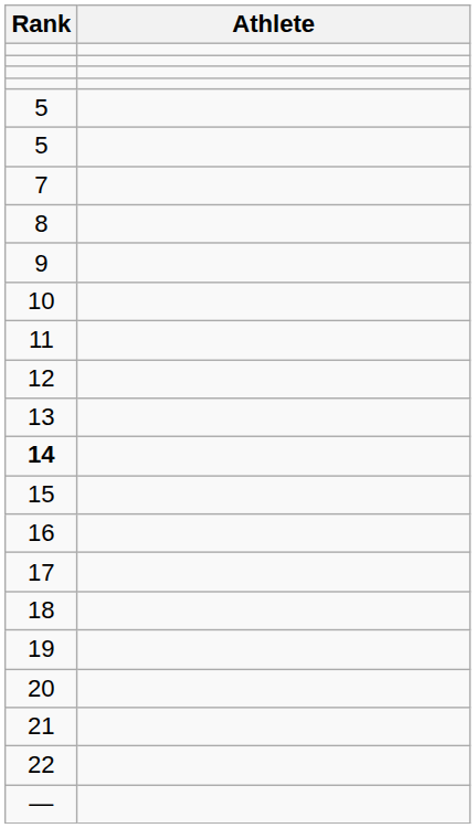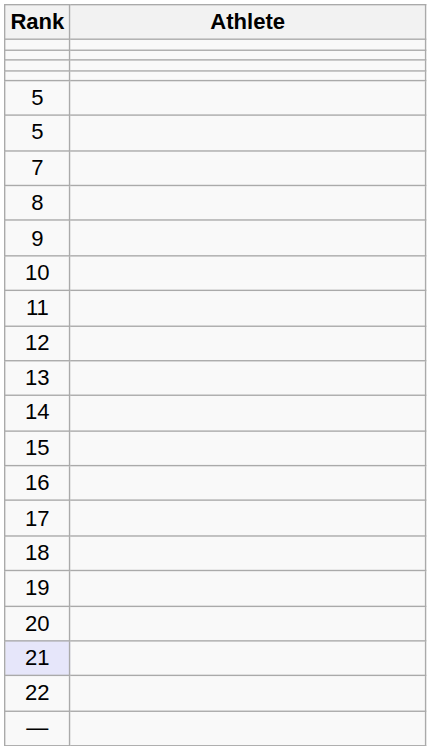 <table class="wikitable" style="text-align: center;">
 <tr>
 <th width=40>Rank</th>
 <th width=250>Athlete</th>
 </tr>
 <tr>
 <td></td>
 <td align="left"></td>
 </tr>
 <tr>
 <td></td>
 <td align="left"></td>
 </tr>
 <tr>
 <td></td>
 <td align="left"></td>
 </tr>
 <tr>
 <td></td>
 <td align="left"></td>
 </tr>
 <tr>
 <td>5</td>
 <td align="left"></td>
 </tr>
 <tr>
 <td>5</td>
 <td align="left"></td>
 </tr>
 <tr>
 <td>7</td>
 <td align="left"></td>
 </tr>
 <tr>
 <td>8</td>
 <td align="left"></td>
 </tr>
 <tr>
 <td>9</td>
 <td align="left"></td>
 </tr>
 <tr>
 <td>10</td>
 <td align="left"></td>
 </tr>
 <tr>
 <td>11</td>
 <td align="left"></td>
 </tr>
 <tr>
 <td>12</td>
 <td align="left"></td>
 </tr>
 <tr>
 <td>13</td>
 <td align="left"></td>
 </tr>
 <tr>
-<td><strong>14</strong></td>
+<td>14</td>
 <td align="left"></td>
 </tr>
 <tr>
 <td>15</td>
 <td align="left"></td>
 </tr>
 <tr>
 <td>16</td>
 <td align="left"></td>
 </tr>
 <tr>
 <td>17</td>
 <td align="left"></td>
 </tr>
 <tr>
 <td>18</td>
 <td align="left"></td>
 </tr>
 <tr>
 <td>19</td>
 <td align="left"></td>
 </tr>
 <tr>
 <td>20</td>
 <td align="left"></td>
 </tr>
 <tr>
-<td>21</td>
+<td style="background: lavender;">21</td>
 <td align="left"></td>
 </tr>
 <tr>
 <td>22</td>
 <td align="left"></td>
 </tr>
 <tr>
 <td>—</td>
 <td align="left"></td>
 </tr>
 </table>
